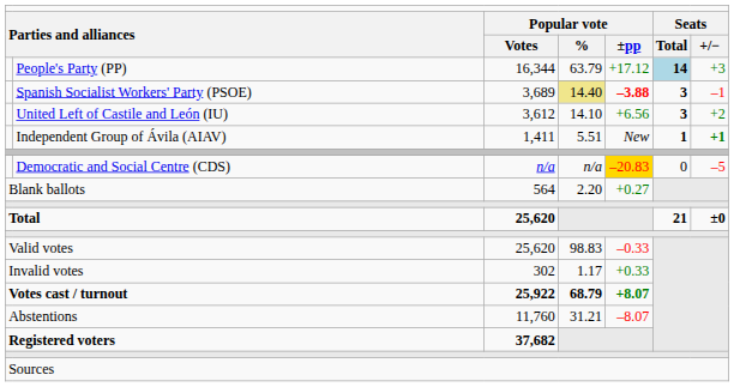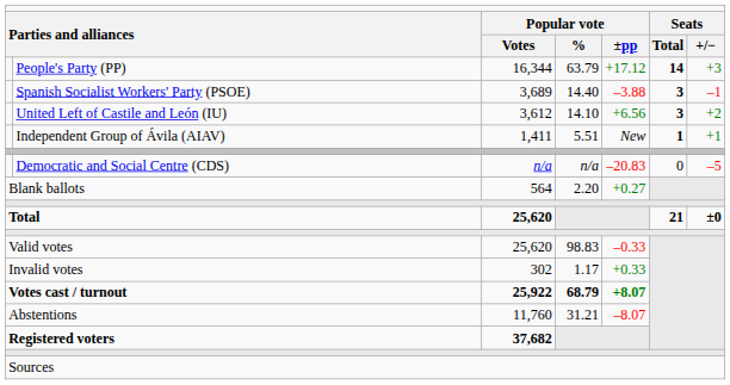 <table class="wikitable" style="text-align:right;">
 <tr>
 <td colspan="7"></td>
 </tr>
 <tr>
 <th style="text-align:left;" rowspan="2" colspan="2" width="525">Parties and alliances</th>
 <th colspan="3">Popular vote</th>
 <th colspan="2">Seats</th>
 </tr>
 <tr>
 <th width="75">Votes</th>
 <th width="45">%</th>
 <th width="45">±<a href='#'>pp</a></th>
 <th width="35">Total</th>
 <th width="35">+/−</th>
 </tr>
 <tr>
 <td width="1" style="color:inherit;background:"></td>
 <td align="left"><a href='#'>People's Party</a> (PP)</td>
 <td>16,344</td>
 <td>63.79</td>
 <td style="color:green;">+17.12</td>
-<td style="background: lightblue;"><strong>14</strong></td>
+<td><strong>14</strong></td>
 <td style="color:green;">+3</td>
 </tr>
 <tr>
 <td style="color:inherit;background:"></td>
 <td align="left"><a href='#'>Spanish Socialist Workers' Party</a> (PSOE)</td>
 <td>3,689</td>
-<td style="background: khaki;">14.40</td>
-<td style="color:red;"><strong>–3.88</strong></td>
+<td>14.40</td>
+<td style="color:red;">–3.88</td>
 <td><strong>3</strong></td>
 <td style="color:red;">–1</td>
 </tr>
 <tr>
 <td style="color:inherit;background:"></td>
 <td align="left"><a href='#'>United Left of Castile and León</a> (IU)</td>
 <td>3,612</td>
 <td>14.10</td>
 <td style="color:green;">+6.56</td>
 <td><strong>3</strong></td>
 <td style="color:green;">+2</td>
 </tr>
 <tr>
 <td style="color:inherit;background:"></td>
 <td align="left">Independent Group of Ávila (AIAV)</td>
 <td>1,411</td>
 <td>5.51</td>
 <td><em>New</em></td>
 <td><strong>1</strong></td>
-<td style="color:green;"><strong>+1</strong></td>
+<td style="color:green;">+1</td>
 </tr>
 <tr>
 <td colspan="7" bgcolor="#C0C0C0"></td>
 </tr>
 <tr>
 <td style="color:inherit;background:"></td>
 <td align="left"><a href='#'>Democratic and Social Centre</a> (CDS)</td>
 <td><em><a href='#'>n/a</a></em></td>
 <td><em>n/a</em></td>
-<td style="background: gold; color:red;">–20.83</td>
+<td style="color:red;">–20.83</td>
 <td>0</td>
 <td style="color:red;">–5</td>
 </tr>
 <tr>
 <td align="left" colspan="2">Blank ballots</td>
 <td>564</td>
 <td>2.20</td>
 <td style="color:green;">+0.27</td>
 <td bgcolor="#E9E9E9" colspan="2"></td>
 </tr>
 <tr>
 <td colspan="7" bgcolor="#E9E9E9"></td>
 </tr>
 <tr style="font-weight:bold;">
 <td align="left" colspan="2">Total</td>
 <td>25,620</td>
 <td bgcolor="#E9E9E9" colspan="2"></td>
 <td>21</td>
 <td>±0</td>
 </tr>
 <tr>
 <td colspan="7" bgcolor="#E9E9E9"></td>
 </tr>
 <tr>
 <td align="left" colspan="2">Valid votes</td>
 <td>25,620</td>
 <td>98.83</td>
 <td style="color:red;">–0.33</td>
 <td bgcolor="#E9E9E9" colspan="2" rowspan="5"></td>
 </tr>
 <tr>
 <td align="left" colspan="2">Invalid votes</td>
 <td>302</td>
 <td>1.17</td>
 <td style="color:green;">+0.33</td>
 </tr>
 <tr style="font-weight:bold;">
 <td align="left" colspan="2">Votes cast / turnout</td>
 <td>25,922</td>
 <td>68.79</td>
 <td style="color:green;">+8.07</td>
 </tr>
 <tr>
 <td align="left" colspan="2">Abstentions</td>
 <td>11,760</td>
 <td>31.21</td>
 <td style="color:red;">–8.07</td>
 </tr>
 <tr style="font-weight:bold;">
 <td align="left" colspan="2">Registered voters</td>
 <td>37,682</td>
 <td bgcolor="#E9E9E9" colspan="2"></td>
 </tr>
 <tr>
 <td colspan="7" bgcolor="#E9E9E9"></td>
 </tr>
 <tr>
 <td align="left" colspan="7">Sources</td>
 </tr>
 </table>
